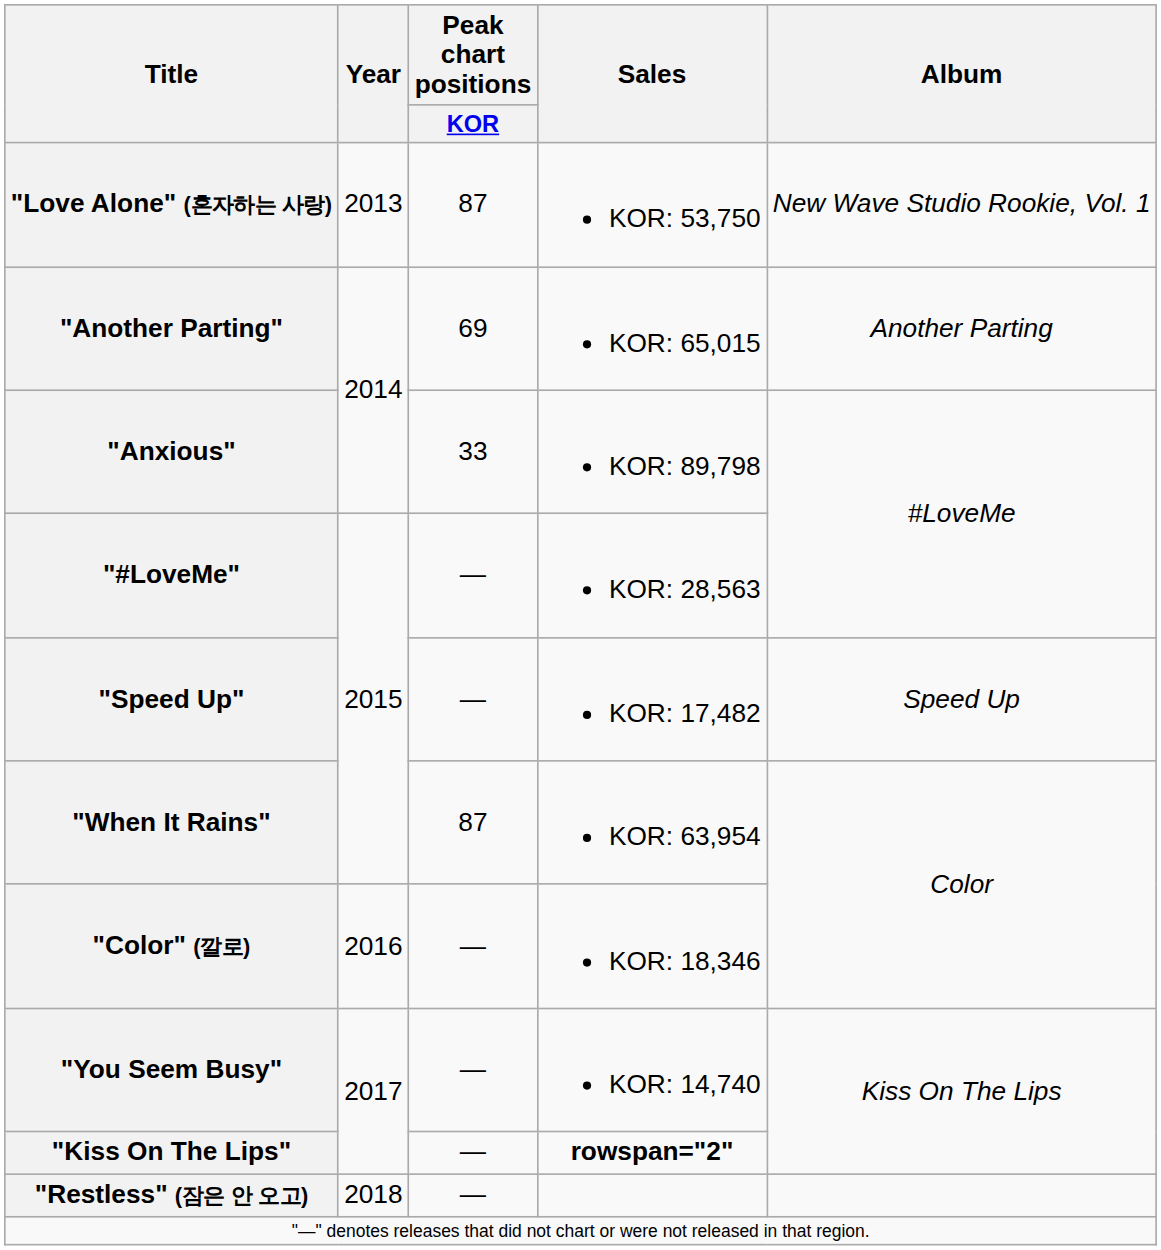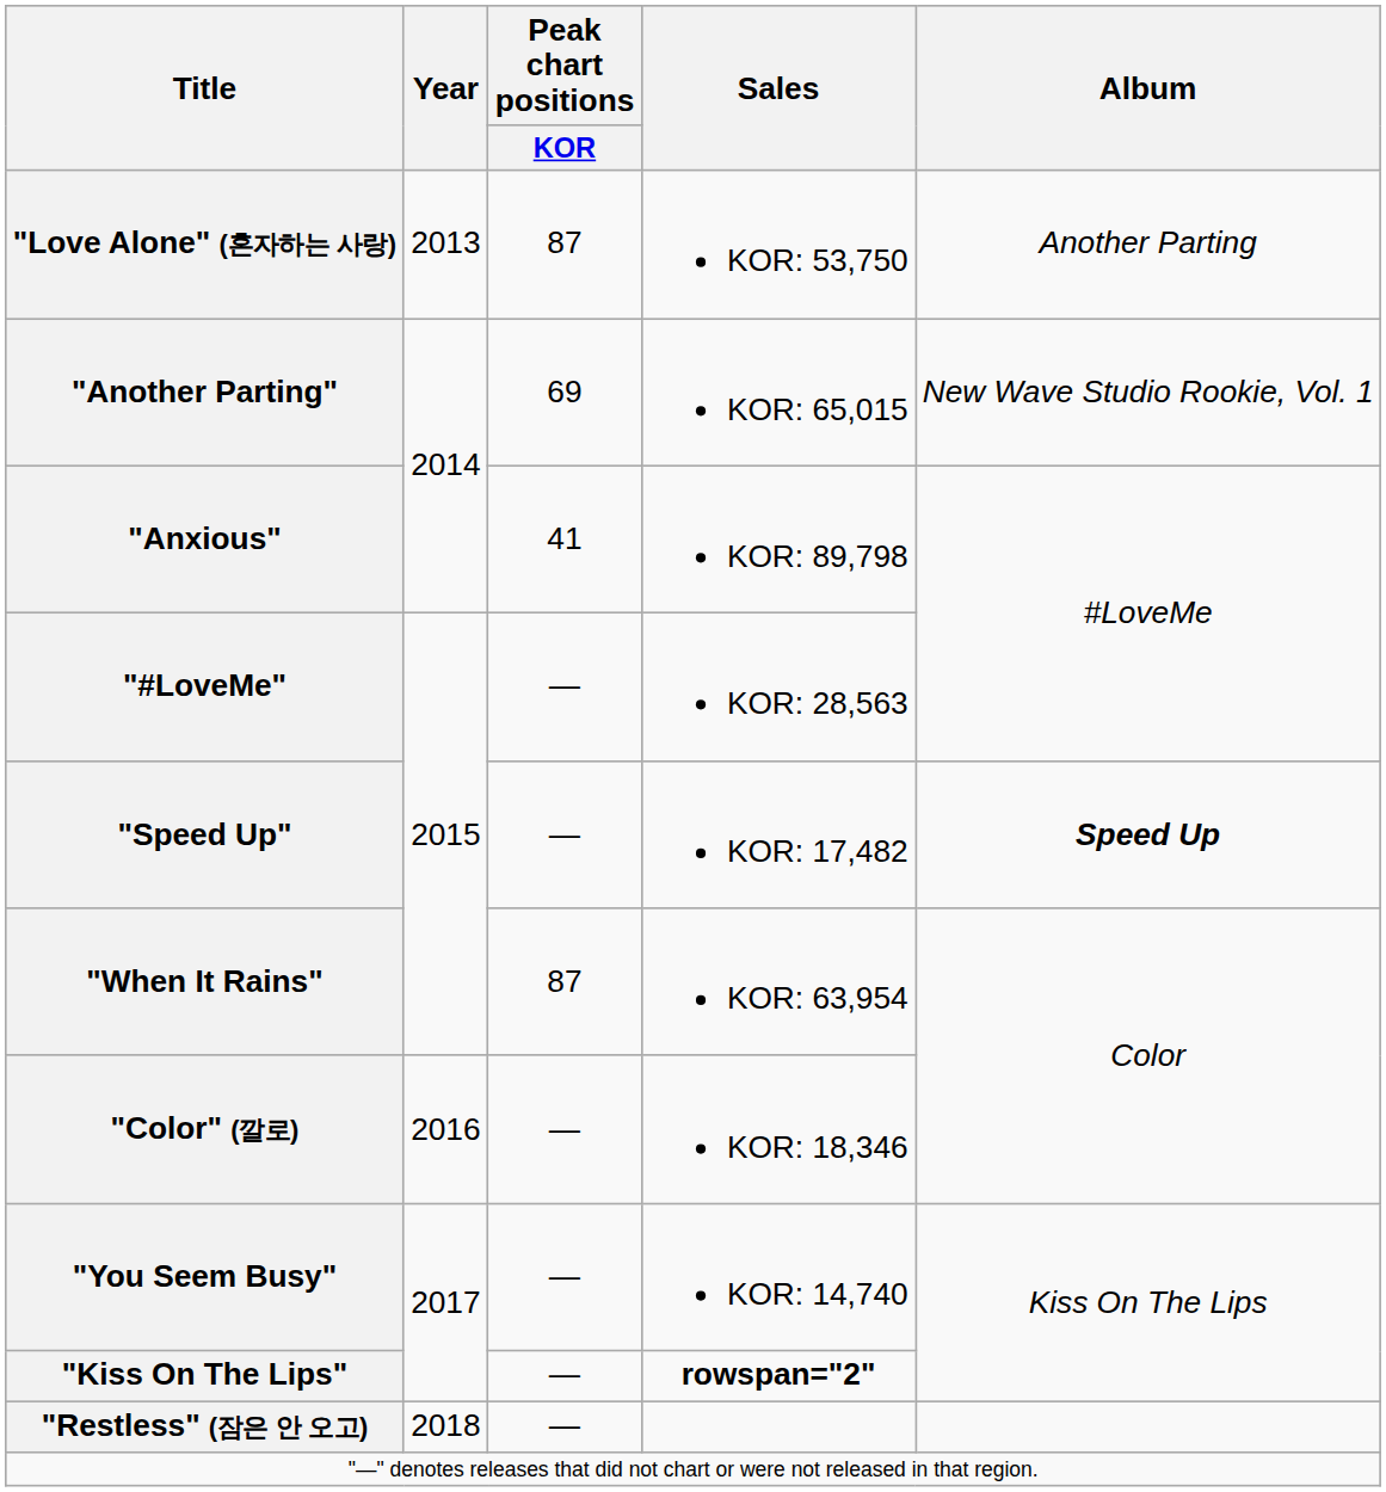 <table class="wikitable plainrowheaders" style="text-align:center">
 <tr>
 <th scope="col" rowspan="2">Title</th>
 <th scope="col" rowspan="2">Year</th>
 <th scope="col">Peak chart positions</th>
 <th scope="col" rowspan="2">Sales</th>
 <th scope="col" rowspan="2">Album</th>
 </tr>
 <tr>
 <th scope="col" style="width:3.5em;font-size:90%;"><a href='#'>KOR</a><br></th>
 </tr>
 <tr>
 <th scope="row">"Love Alone" <small>(혼자하는 사랑)</small></th>
 <td>2013</td>
 <td>87</td>
 <td><br><ul><li>KOR: 53,750</li></ul></td>
-<td><em>New Wave Studio Rookie, Vol. 1</em></td>
+<td><em>Another Parting</em></td>
 </tr>
 <tr>
 <th scope="row">"Another Parting"</th>
 <td rowspan="2">2014</td>
 <td>69</td>
 <td><br><ul><li>KOR: 65,015</li></ul></td>
-<td><em>Another Parting</em></td>
+<td><em>New Wave Studio Rookie, Vol. 1</em></td>
 </tr>
 <tr>
 <th scope="row">"Anxious" <br></th>
-<td>33</td>
+<td>41</td>
 <td><br><ul><li>KOR: 89,798</li></ul></td>
 <td rowspan=2><em>#LoveMe</em></td>
 </tr>
 <tr>
 <th scope="row">"#LoveMe"</th>
 <td rowspan="3">2015</td>
 <td>—</td>
 <td><br><ul><li>KOR: 28,563</li></ul></td>
 </tr>
 <tr>
 <th scope="row">"Speed Up"</th>
 <td>—</td>
 <td><br><ul><li>KOR: 17,482</li></ul></td>
-<td><em>Speed Up</em></td>
+<td><strong><em>Speed Up</em></strong></td>
 </tr>
 <tr>
 <th scope="row">"When It Rains" <br></th>
 <td>87</td>
 <td><br><ul><li>KOR: 63,954</li></ul></td>
 <td rowspan=2><em>Color</em></td>
 </tr>
 <tr>
 <th scope="row">"Color" <small>(깔로)</small></th>
 <td>2016</td>
 <td>—</td>
 <td><br><ul><li>KOR: 18,346</li></ul></td>
 </tr>
 <tr>
 <th scope="row">"You Seem Busy" <br></th>
 <td rowspan="2">2017</td>
 <td>—</td>
 <td><br><ul><li>KOR: 14,740</li></ul></td>
 <td rowspan="2"><em>Kiss On The Lips</em></td>
 </tr>
 <tr>
 <th scope="row">"Kiss On The Lips"</th>
 <td>—</td>
 <td><strong>rowspan="2" </strong></td>
 </tr>
 <tr>
 <th scope="row">"Restless" <small>(잠은 안 오고)</small></th>
 <td>2018</td>
 <td>—</td>
 <td></td>
 </tr>
 <tr>
 <td colspan="5" style="font-size:8pt;">"—" denotes releases that did not chart or were not released in that region.</td>
 </tr>
 </table>
